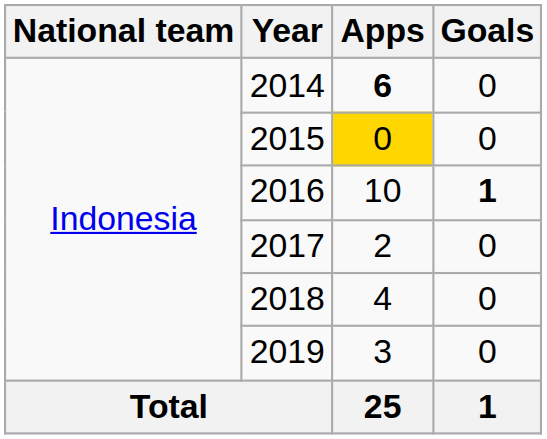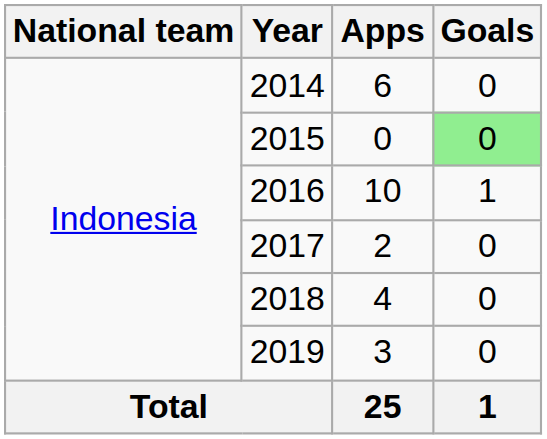 <table class="wikitable" style="text-align:center">
 <tr>
 <th>National team</th>
 <th>Year</th>
 <th>Apps</th>
 <th>Goals</th>
 </tr>
 <tr>
 <td rowspan=6><a href='#'>Indonesia</a></td>
 <td>2014</td>
-<td><strong>6</strong></td>
+<td>6</td>
 <td>0</td>
 </tr>
 <tr>
 <td>2015</td>
-<td style="background: gold;">0</td>
 <td>0</td>
+<td style="background: lightgreen;">0</td>
 </tr>
 <tr>
 <td>2016</td>
 <td>10</td>
-<td><strong>1</strong></td>
+<td>1</td>
 </tr>
 <tr>
 <td>2017</td>
 <td>2</td>
 <td>0</td>
 </tr>
 <tr>
 <td>2018</td>
 <td>4</td>
 <td>0</td>
 </tr>
 <tr>
 <td>2019</td>
 <td>3</td>
 <td>0</td>
 </tr>
 <tr>
 <th colspan=2>Total</th>
 <th>25</th>
 <th>1</th>
 </tr>
 </table>
